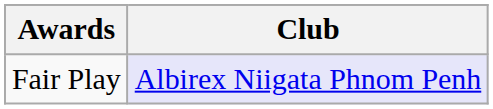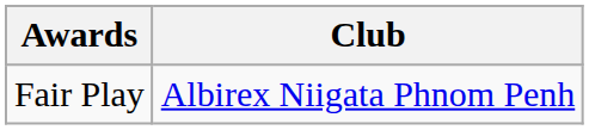 <table class="wikitable" style="font-size: 95%;">
 <tr>
 <th>Awards</th>
 <th>Club</th>
 </tr>
 <tr>
 <td>Fair Play</td>
-<td style="background: lavender;"><a href='#'>Albirex Niigata Phnom Penh</a></td>
+<td><a href='#'>Albirex Niigata Phnom Penh</a></td>
 </tr>
 </table>
